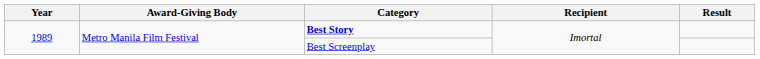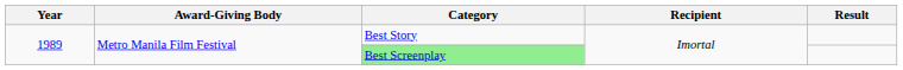 <table | width="90%" class="wikitable sortable">
 <tr>
 <th width="10%">Year</th>
 <th width="30%">Award-Giving Body</th>
 <th width="25%">Category</th>
 <th width="25%">Recipient</th>
 <th width="10%">Result</th>
 </tr>
 <tr>
 <td rowspan="2" align="center"><a href='#'>1989</a></td>
 <td rowspan="2" align="left"><a href='#'>Metro Manila Film Festival</a></td>
-<td align="left"><strong><a href='#'>Best Story</a></strong></td>
+<td align="left"><a href='#'>Best Story</a></td>
 <td align="center" rowspan=2><em>Imortal</em></td>
 <td></td>
 </tr>
 <tr>
-<td align="left"><a href='#'>Best Screenplay</a></td>
+<td align="left" style="background: lightgreen;"><a href='#'>Best Screenplay</a></td>
 <td></td>
 </tr>
 </table>
